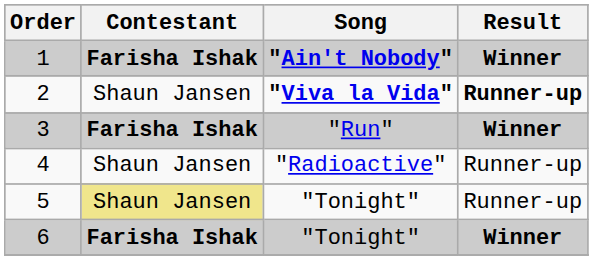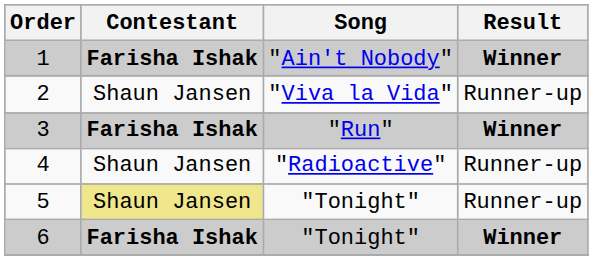 <table class="wikitable plainrowheaders" style="text-align:center;">
 <tr>
 <th scope="col">Order</th>
 <th scope="col">Contestant</th>
 <th scope="col">Song</th>
 <th scope="col">Result</th>
 </tr>
 <tr style="background:#ccc;">
 <td>1</td>
 <td><strong>Farisha Ishak</strong></td>
-<td><strong>"<a href='#'>Ain't Nobody</a>"</strong></td>
+<td>"<a href='#'>Ain't Nobody</a>"</td>
 <td><strong>Winner</strong></td>
 </tr>
 <tr>
 <td>2</td>
 <td>Shaun Jansen</td>
-<td><strong>"<a href='#'>Viva la Vida</a>"</strong></td>
-<td><strong>Runner-up</strong></td>
+<td>"<a href='#'>Viva la Vida</a>"</td>
+<td>Runner-up</td>
 </tr>
 <tr style="background:#ccc;">
 <td>3</td>
 <td><strong>Farisha Ishak</strong></td>
 <td>"<a href='#'>Run</a>"</td>
 <td><strong>Winner</strong></td>
 </tr>
 <tr>
 <td>4</td>
 <td>Shaun Jansen</td>
 <td>"<a href='#'>Radioactive</a>"</td>
 <td>Runner-up</td>
 </tr>
 <tr>
 <td>5</td>
 <td style="background: khaki;">Shaun Jansen</td>
 <td>"Tonight"</td>
 <td>Runner-up</td>
 </tr>
 <tr style="background:#ccc;">
 <td>6</td>
 <td><strong>Farisha Ishak</strong></td>
 <td>"Tonight"</td>
 <td><strong>Winner</strong></td>
 </tr>
 <tr>
 </tr>
 </table>
